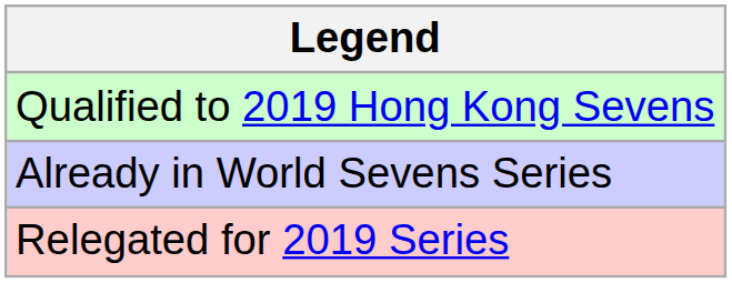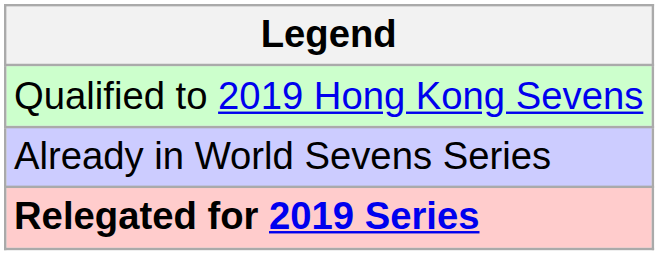 <table class="wikitable">
 <tr>
 <th>Legend</th>
 </tr>
 <tr bgcolor=ccffcc>
 <td>Qualified to <a href='#'>2019 Hong Kong Sevens</a></td>
 </tr>
 <tr bgcolor=ccccff>
 <td>Already in World Sevens Series</td>
 </tr>
 <tr bgcolor=ffcccc>
-<td>Relegated for <a href='#'>2019 Series</a></td>
+<td><strong>Relegated for <a href='#'>2019 Series</a></strong></td>
 </tr>
 </table>
